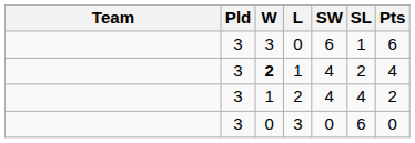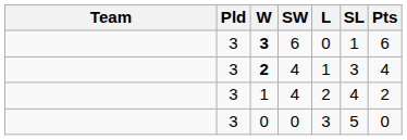 <table class=wikitable style="text-align:center">
 <tr>
 <th width=200>Team</th>
 <th width=20>Pld</th>
 <th width=20>W</th>
+<th width=20>SW</th>
 <th width=20>L</th>
-<th width=20>SW</th>
 <th width=20>SL</th>
 <th width=20>Pts</th>
 </tr>
 <tr bgcolor=>
 <td align=left></td>
 <td>3</td>
-<td>3</td>
+<td><strong>3</strong></td>
+<td>6</td>
 <td>0</td>
-<td>6</td>
 <td>1</td>
 <td>6</td>
 </tr>
 <tr bgcolor=>
 <td align=left></td>
 <td>3</td>
 <td><strong>2</strong></td>
+<td>4</td>
 <td>1</td>
-<td>4</td>
-<td>2</td>
+<td>3</td>
 <td>4</td>
 </tr>
 <tr bgcolor=>
 <td align=left></td>
 <td>3</td>
 <td>1</td>
+<td>4</td>
 <td>2</td>
-<td>4</td>
 <td>4</td>
 <td>2</td>
 </tr>
 <tr bgcolor=>
 <td align=left></td>
 <td>3</td>
 <td>0</td>
+<td>0</td>
 <td>3</td>
-<td>0</td>
-<td>6</td>
+<td>5</td>
 <td>0</td>
 </tr>
 </table>
